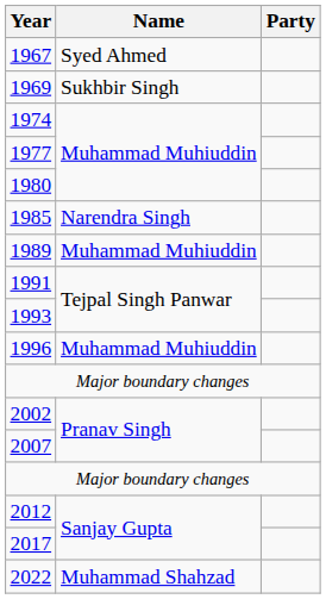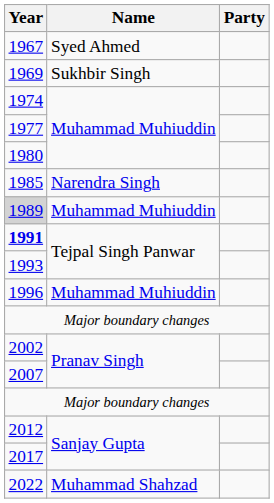 <table class="wikitable sortable">
 <tr>
 <th>Year</th>
 <th>Name</th>
 <th colspan=2>Party</th>
 </tr>
 <tr>
 <td><a href='#'>1967</a></td>
 <td>Syed Ahmed</td>
 <td></td>
 </tr>
 <tr>
 <td><a href='#'>1969</a></td>
 <td>Sukhbir Singh</td>
 <td></td>
 </tr>
 <tr>
 <td><a href='#'>1974</a></td>
 <td rowspan="3"><a href='#'>Muhammad Muhiuddin</a></td>
 </tr>
 <tr>
 <td><a href='#'>1977</a></td>
 <td></td>
 </tr>
 <tr>
 <td><a href='#'>1980</a></td>
 <td></td>
 </tr>
 <tr>
 <td><a href='#'>1985</a></td>
 <td><a href='#'>Narendra Singh</a></td>
 <td></td>
 </tr>
 <tr>
-<td><a href='#'>1989</a></td>
+<td style="background: lightgrey;"><a href='#'>1989</a></td>
 <td><a href='#'>Muhammad Muhiuddin</a></td>
 <td></td>
 </tr>
 <tr>
-<td><a href='#'>1991</a></td>
+<td><strong><a href='#'>1991</a></strong></td>
 <td rowspan="2">Tejpal Singh Panwar</td>
 <td></td>
 </tr>
 <tr>
 <td><a href='#'>1993</a></td>
 </tr>
 <tr>
 <td><a href='#'>1996</a></td>
 <td><a href='#'>Muhammad Muhiuddin</a></td>
 <td></td>
 </tr>
 <tr>
 <td colspan=4 align=center><small><em>Major boundary changes</em></small></td>
 </tr>
 <tr>
 <td><a href='#'>2002</a></td>
 <td rowspan="2"><a href='#'>Pranav Singh</a></td>
 <td></td>
 </tr>
 <tr>
 <td><a href='#'>2007</a></td>
 <td></td>
 </tr>
 <tr>
 <td colspan=4 align=center><small><em>Major boundary changes</em></small></td>
 </tr>
 <tr>
 <td><a href='#'>2012</a></td>
 <td rowspan="2"><a href='#'>Sanjay Gupta</a></td>
 <td></td>
 </tr>
 <tr>
 <td><a href='#'>2017</a></td>
 </tr>
 <tr>
 <td><a href='#'>2022</a></td>
 <td><a href='#'>Muhammad Shahzad</a></td>
 <td></td>
 </tr>
 </table>
